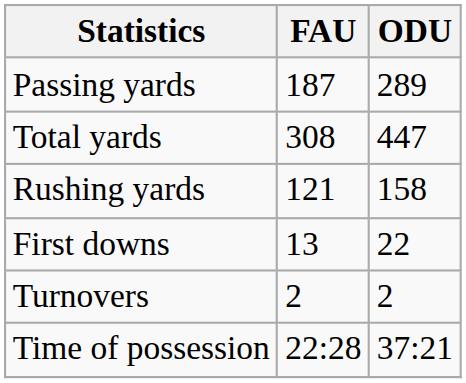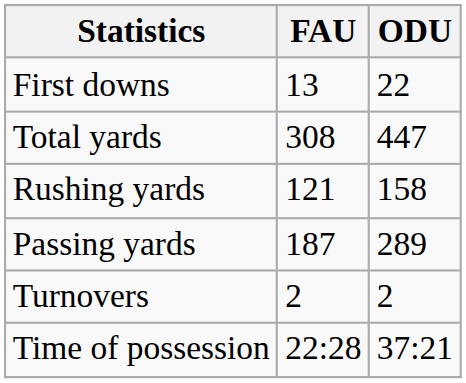 <table class="wikitable">
 <tr>
 <th>Statistics</th>
 <th>FAU</th>
 <th>ODU</th>
 </tr>
 <tr>
-<td>Passing yards</td>
-<td>187</td>
-<td>289</td>
+<td>First downs</td>
+<td>13</td>
+<td>22</td>
 </tr>
 <tr>
 <td>Total yards</td>
 <td>308</td>
 <td>447</td>
 </tr>
 <tr>
 <td>Rushing yards</td>
 <td>121</td>
 <td>158</td>
 </tr>
 <tr>
-<td>First downs</td>
-<td>13</td>
-<td>22</td>
+<td>Passing yards</td>
+<td>187</td>
+<td>289</td>
 </tr>
 <tr>
 <td>Turnovers</td>
 <td>2</td>
 <td>2</td>
 </tr>
 <tr>
 <td>Time of possession</td>
 <td>22:28</td>
 <td>37:21</td>
 </tr>
 <tr>
 </tr>
 </table>
